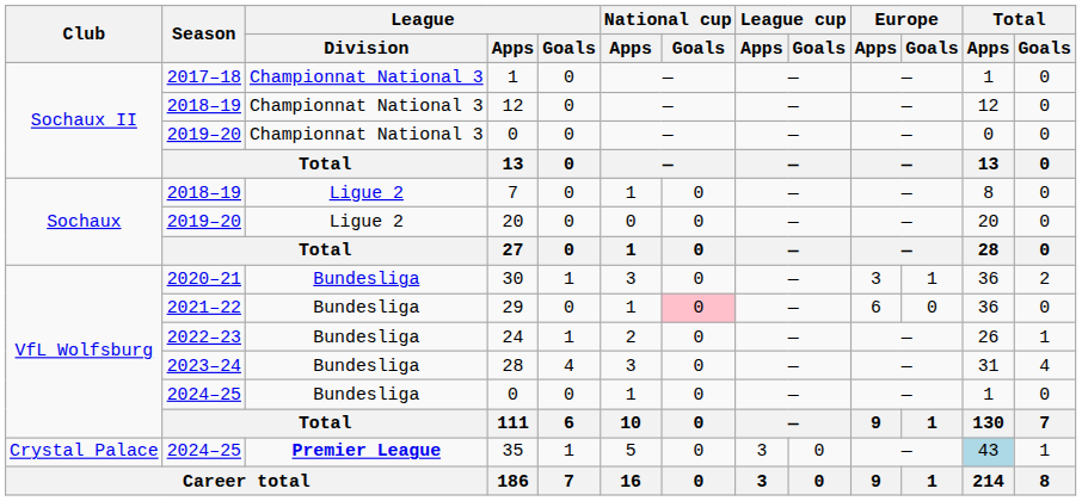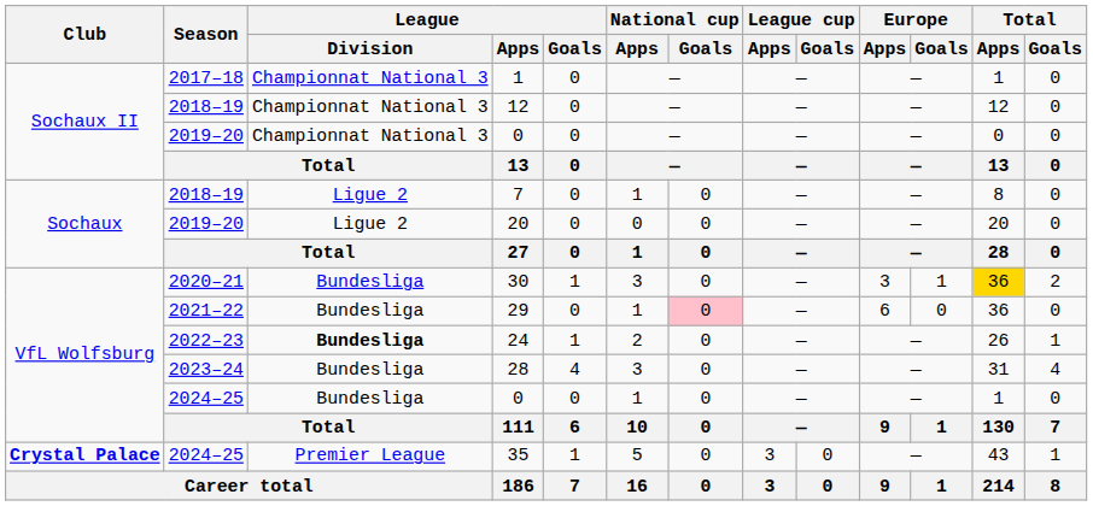 <table class="wikitable" style="text-align:center">
 <tr>
 <th rowspan="2">Club</th>
 <th rowspan="2">Season</th>
 <th colspan="3">League</th>
 <th colspan="2">National cup</th>
 <th colspan="2">League cup</th>
 <th colspan="2">Europe</th>
 <th colspan="2">Total</th>
 </tr>
 <tr>
 <th>Division</th>
 <th>Apps</th>
 <th>Goals</th>
 <th>Apps</th>
 <th>Goals</th>
 <th>Apps</th>
 <th>Goals</th>
 <th>Apps</th>
 <th>Goals</th>
 <th>Apps</th>
 <th>Goals</th>
 </tr>
 <tr>
 <td rowspan="4"><a href='#'>Sochaux II</a></td>
 <td><a href='#'>2017–18</a></td>
 <td><a href='#'>Championnat National 3</a></td>
 <td>1</td>
 <td>0</td>
 <td colspan="2">—</td>
 <td colspan="2">—</td>
 <td colspan="2">—</td>
 <td>1</td>
 <td>0</td>
 </tr>
 <tr>
 <td><a href='#'>2018–19</a></td>
 <td>Championnat National 3</td>
 <td>12</td>
 <td>0</td>
 <td colspan="2">—</td>
 <td colspan="2">—</td>
 <td colspan="2">—</td>
 <td>12</td>
 <td>0</td>
 </tr>
 <tr>
 <td><a href='#'>2019–20</a></td>
 <td>Championnat National 3</td>
 <td>0</td>
 <td>0</td>
 <td colspan="2">—</td>
 <td colspan="2">—</td>
 <td colspan="2">—</td>
 <td>0</td>
 <td>0</td>
 </tr>
 <tr>
 <th colspan="2">Total</th>
 <th>13</th>
 <th>0</th>
 <th colspan="2">—</th>
 <th colspan="2">—</th>
 <th colspan="2">—</th>
 <th>13</th>
 <th>0</th>
 </tr>
 <tr>
 <td rowspan="3"><a href='#'>Sochaux</a></td>
 <td><a href='#'>2018–19</a></td>
 <td><a href='#'>Ligue 2</a></td>
 <td>7</td>
 <td>0</td>
 <td>1</td>
 <td>0</td>
 <td colspan="2">—</td>
 <td colspan="2">—</td>
 <td>8</td>
 <td>0</td>
 </tr>
 <tr>
 <td><a href='#'>2019–20</a></td>
 <td>Ligue 2</td>
 <td>20</td>
 <td>0</td>
 <td>0</td>
 <td>0</td>
 <td colspan="2">—</td>
 <td colspan="2">—</td>
 <td>20</td>
 <td>0</td>
 </tr>
 <tr>
 <th colspan="2">Total</th>
 <th>27</th>
 <th>0</th>
 <th>1</th>
 <th>0</th>
 <th colspan="2">—</th>
 <th colspan="2">—</th>
 <th>28</th>
 <th>0</th>
 </tr>
 <tr>
 <td rowspan="6"><a href='#'>VfL Wolfsburg</a></td>
 <td><a href='#'>2020–21</a></td>
 <td><a href='#'>Bundesliga</a></td>
 <td>30</td>
 <td>1</td>
 <td>3</td>
 <td>0</td>
 <td colspan="2">—</td>
 <td>3</td>
 <td>1</td>
-<td>36</td>
+<td style="background: gold;">36</td>
 <td>2</td>
 </tr>
 <tr>
 <td><a href='#'>2021–22</a></td>
 <td>Bundesliga</td>
 <td>29</td>
 <td>0</td>
 <td>1</td>
 <td style="background: pink;">0</td>
 <td colspan="2">—</td>
 <td>6</td>
 <td>0</td>
 <td>36</td>
 <td>0</td>
 </tr>
 <tr>
 <td><a href='#'>2022–23</a></td>
-<td>Bundesliga</td>
+<td><strong>Bundesliga</strong></td>
 <td>24</td>
 <td>1</td>
 <td>2</td>
 <td>0</td>
 <td colspan="2">—</td>
 <td colspan="2">—</td>
 <td>26</td>
 <td>1</td>
 </tr>
 <tr>
 <td><a href='#'>2023–24</a></td>
 <td>Bundesliga</td>
 <td>28</td>
 <td>4</td>
 <td>3</td>
 <td>0</td>
 <td colspan="2">—</td>
 <td colspan="2">—</td>
 <td>31</td>
 <td>4</td>
 </tr>
 <tr>
 <td><a href='#'>2024–25</a></td>
 <td>Bundesliga</td>
 <td>0</td>
 <td>0</td>
 <td>1</td>
 <td>0</td>
 <td colspan="2">—</td>
 <td colspan="2">—</td>
 <td>1</td>
 <td>0</td>
 </tr>
 <tr>
 <th colspan="2">Total</th>
 <th>111</th>
 <th>6</th>
 <th>10</th>
 <th>0</th>
 <th colspan="2">—</th>
 <th>9</th>
 <th>1</th>
 <th>130</th>
 <th>7</th>
 </tr>
 <tr>
-<td><a href='#'>Crystal Palace</a></td>
+<td><strong><a href='#'>Crystal Palace</a></strong></td>
 <td><a href='#'>2024–25</a></td>
-<td><strong><a href='#'>Premier League</a></strong></td>
+<td><a href='#'>Premier League</a></td>
 <td>35</td>
 <td>1</td>
 <td>5</td>
 <td>0</td>
 <td>3</td>
 <td>0</td>
 <td colspan="2">—</td>
-<td style="background: lightblue;">43</td>
+<td>43</td>
 <td>1</td>
 </tr>
 <tr>
 <th colspan="3">Career total</th>
 <th>186</th>
 <th>7</th>
 <th>16</th>
 <th>0</th>
 <th>3</th>
 <th>0</th>
 <th>9</th>
 <th>1</th>
 <th>214</th>
 <th>8</th>
 </tr>
 </table>
